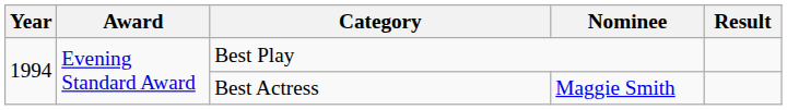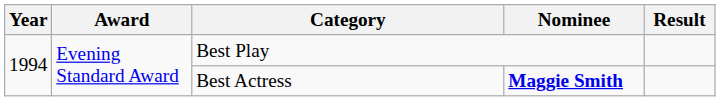 <table class="wikitable" style="width:95%;">
 <tr>
 <th style="width:5%;">Year</th>
 <th style="width:20%;">Award</th>
 <th style="width:45%;">Category</th>
 <th style="width:20%;">Nominee</th>
 <th style="width:10%;">Result</th>
 </tr>
 <tr>
 <td rowspan="2" align="center">1994</td>
 <td rowspan="2"><a href='#'>Evening Standard Award</a></td>
 <td colspan="2">Best Play</td>
 <td></td>
 </tr>
 <tr>
 <td>Best Actress</td>
-<td><a href='#'>Maggie Smith</a></td>
+<td><strong><a href='#'>Maggie Smith</a></strong></td>
 <td></td>
 </tr>
 </table>
